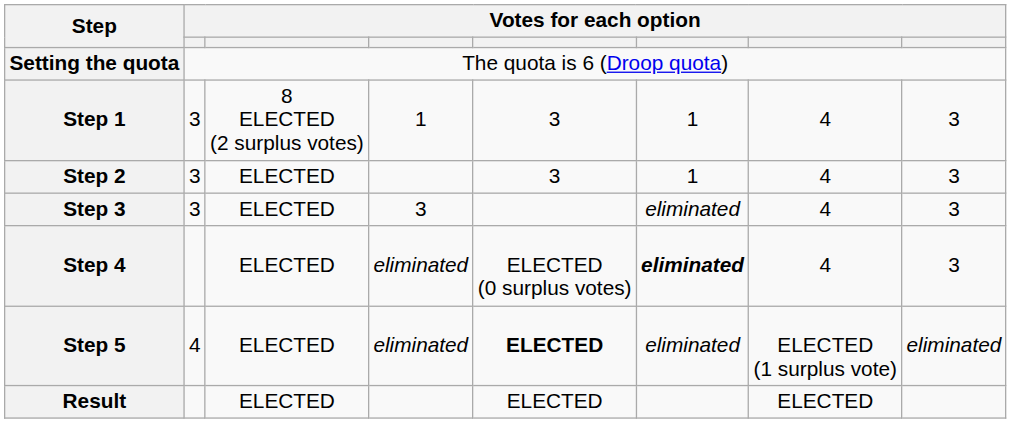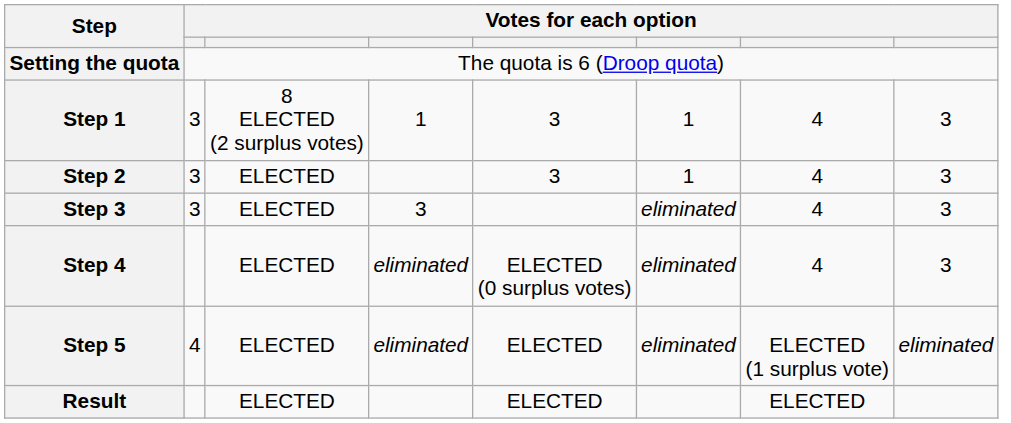 <table class="wikitable" style="text-align: center;">
 <tr>
 <th rowspan="2">Step</th>
 <th colspan="7">Votes for each option</th>
 </tr>
 <tr>
 <th></th>
 <th></th>
 <th></th>
 <th></th>
 <th></th>
 <th></th>
 <th></th>
 </tr>
 <tr>
 <th>Setting the quota</th>
 <td colspan="7">The quota is 6 (<a href='#'>Droop quota</a>)</td>
 </tr>
 <tr>
 <th>Step 1</th>
 <td>3</td>
 <td>8<br>ELECTED<br>(2 surplus votes)</td>
 <td>1</td>
 <td>3</td>
 <td>1</td>
 <td>4</td>
 <td>3</td>
 </tr>
 <tr>
 <th>Step 2</th>
 <td>3</td>
 <td>ELECTED</td>
 <td></td>
 <td>3</td>
 <td>1</td>
 <td>4</td>
 <td>3</td>
 </tr>
 <tr>
 <th>Step 3</th>
 <td>3</td>
 <td>ELECTED</td>
 <td>3</td>
 <td></td>
 <td><em>eliminated</em></td>
 <td>4</td>
 <td>3</td>
 </tr>
 <tr>
 <th>Step 4</th>
 <td></td>
 <td>ELECTED</td>
 <td><em>eliminated</em></td>
 <td><br>ELECTED<br>(0 surplus votes)</td>
-<td><strong><em>eliminated</em></strong></td>
+<td><em>eliminated</em></td>
 <td>4</td>
 <td>3</td>
 </tr>
 <tr>
 <th>Step 5</th>
 <td>4</td>
 <td>ELECTED</td>
 <td><em>eliminated</em></td>
-<td><strong>ELECTED</strong></td>
+<td>ELECTED</td>
 <td><em>eliminated</em></td>
 <td><br>ELECTED<br>(1 surplus vote)</td>
 <td><em>eliminated</em></td>
 </tr>
 <tr>
 <th>Result</th>
 <td></td>
 <td>ELECTED</td>
 <td></td>
 <td>ELECTED</td>
 <td></td>
 <td>ELECTED</td>
 <td></td>
 </tr>
 </table>
